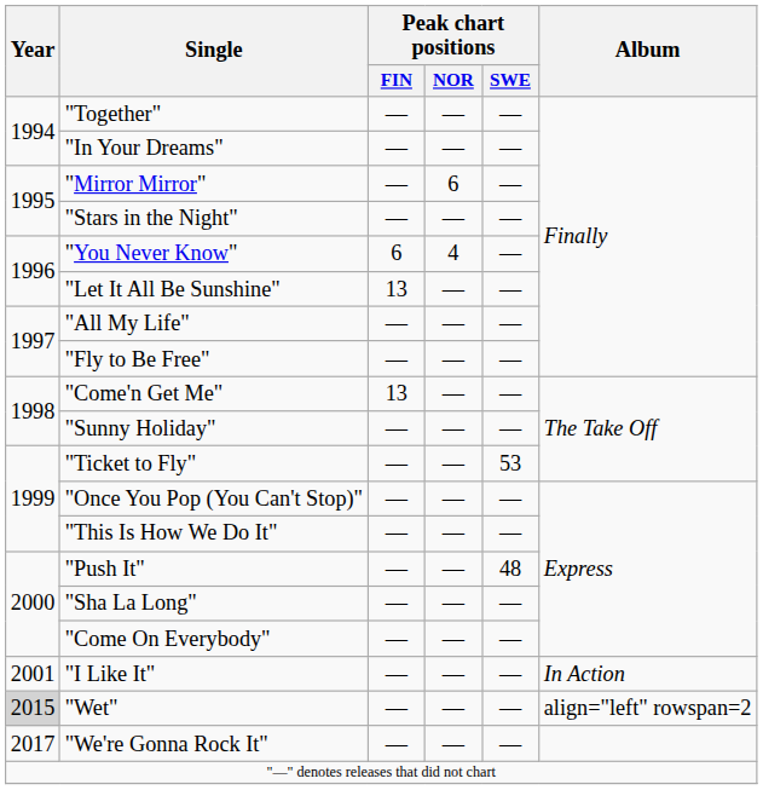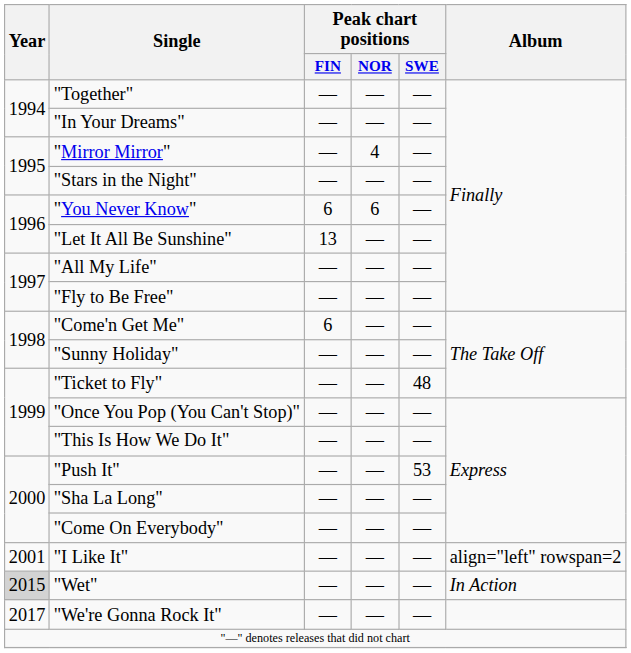 <table class="wikitable" style="text-align:center;">
 <tr>
 <th rowspan="2">Year</th>
 <th rowspan="2">Single</th>
 <th colspan="3">Peak chart positions</th>
 <th rowspan="2">Album</th>
 </tr>
 <tr style="font-size:smaller;">
 <th width="35"><a href='#'>FIN</a><br></th>
 <th width="35"><a href='#'>NOR</a><br></th>
 <th width="35"><a href='#'>SWE</a><br></th>
 </tr>
 <tr>
 <td rowspan=2>1994</td>
 <td align="left">"Together"</td>
 <td>—</td>
 <td>—</td>
 <td>—</td>
 <td align="left" rowspan="8"><em>Finally</em></td>
 </tr>
 <tr>
 <td align="left">"In Your Dreams"</td>
 <td>—</td>
 <td>—</td>
 <td>—</td>
 </tr>
 <tr>
 <td rowspan=2>1995</td>
 <td align="left">"<a href='#'>Mirror Mirror</a>"</td>
 <td>—</td>
-<td>6</td>
+<td>4</td>
 <td>—</td>
 </tr>
 <tr>
 <td align="left">"Stars in the Night"</td>
 <td>—</td>
 <td>—</td>
 <td>—</td>
 </tr>
 <tr>
 <td rowspan=2>1996</td>
 <td align="left">"<a href='#'>You Never Know</a>"</td>
 <td>6</td>
-<td>4</td>
+<td>6</td>
 <td>—</td>
 </tr>
 <tr>
 <td align="left">"Let It All Be Sunshine"</td>
 <td>13</td>
 <td>—</td>
 <td>—</td>
 </tr>
 <tr>
 <td rowspan=2>1997</td>
 <td align="left">"All My Life"</td>
 <td>—</td>
 <td>—</td>
 <td>—</td>
 </tr>
 <tr>
 <td align="left">"Fly to Be Free"</td>
 <td>—</td>
 <td>—</td>
 <td>—</td>
 </tr>
 <tr>
 <td rowspan=2>1998</td>
 <td align="left">"Come'n Get Me"</td>
-<td>13</td>
+<td>6</td>
 <td>—</td>
 <td>—</td>
 <td align="left" rowspan="3"><em>The Take Off</em></td>
 </tr>
 <tr>
 <td align="left">"Sunny Holiday"</td>
 <td>—</td>
 <td>—</td>
 <td>—</td>
 </tr>
 <tr>
 <td rowspan=3>1999</td>
 <td align="left">"Ticket to Fly"</td>
 <td>—</td>
 <td>—</td>
-<td>53</td>
+<td>48</td>
 </tr>
 <tr>
 <td align="left">"Once You Pop (You Can't Stop)"</td>
 <td>—</td>
 <td>—</td>
 <td>—</td>
 <td align="left" rowspan="5"><em>Express</em></td>
 </tr>
 <tr>
 <td align="left">"This Is How We Do It"</td>
 <td>—</td>
 <td>—</td>
 <td>—</td>
 </tr>
 <tr>
 <td rowspan=3>2000</td>
 <td align="left">"Push It"</td>
 <td>—</td>
 <td>—</td>
-<td>48</td>
+<td>53</td>
 </tr>
 <tr>
 <td align="left">"Sha La Long"</td>
 <td>—</td>
 <td>—</td>
 <td>—</td>
 </tr>
 <tr>
 <td align="left">"Come On Everybody"</td>
 <td>—</td>
 <td>—</td>
 <td>—</td>
 </tr>
 <tr>
 <td>2001</td>
 <td align="left">"I Like It"</td>
 <td>—</td>
 <td>—</td>
 <td>—</td>
-<td align="left"><em>In Action</em></td>
+<td>align="left" rowspan=2 </td>
 </tr>
 <tr>
 <td style="background: lightgrey;">2015</td>
 <td align="left">"Wet"</td>
 <td>—</td>
 <td>—</td>
 <td>—</td>
-<td>align="left" rowspan=2 </td>
+<td align="left"><em>In Action</em></td>
 </tr>
 <tr>
 <td>2017</td>
 <td align="left">"We're Gonna Rock It"</td>
 <td>—</td>
 <td>—</td>
 <td>—</td>
 </tr>
 <tr>
 <td colspan="15" style="font-size:8pt">"—" denotes releases that did not chart</td>
 </tr>
 <tr>
 </tr>
 </table>
